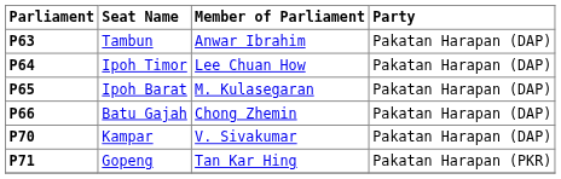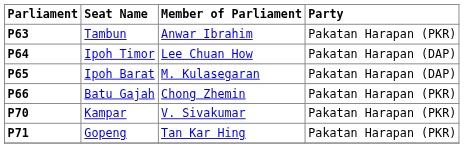 <table class="toccolours sortable" border="1" cellpadding="3" style="border-collapse:collapse; text-align: left;">
 <tr>
 <th align="center">Parliament</th>
 <th>Seat Name</th>
 <th>Member of Parliament</th>
 <th>Party</th>
 </tr>
 <tr>
 <th align="left">P63</th>
 <td><a href='#'>Tambun</a></td>
 <td><a href='#'>Anwar Ibrahim</a></td>
-<td>Pakatan Harapan (DAP)</td>
+<td>Pakatan Harapan (PKR)</td>
 </tr>
 <tr>
 <th align="left">P64</th>
 <td><a href='#'>Ipoh Timor</a></td>
 <td><a href='#'>Lee Chuan How</a></td>
 <td>Pakatan Harapan (DAP)</td>
 </tr>
 <tr>
 <th align="left">P65</th>
 <td><a href='#'>Ipoh Barat</a></td>
 <td><a href='#'>M. Kulasegaran</a></td>
 <td>Pakatan Harapan (DAP)</td>
 </tr>
 <tr>
 <th align="left">P66</th>
 <td><a href='#'>Batu Gajah</a></td>
 <td><a href='#'>Chong Zhemin</a></td>
-<td>Pakatan Harapan (DAP)</td>
+<td>Pakatan Harapan (PKR)</td>
 </tr>
 <tr>
 <th align="left">P70</th>
 <td><a href='#'>Kampar</a></td>
 <td><a href='#'>V. Sivakumar</a></td>
-<td>Pakatan Harapan (DAP)</td>
+<td>Pakatan Harapan (PKR)</td>
 </tr>
 <tr>
 <th align="left">P71</th>
 <td><a href='#'>Gopeng</a></td>
 <td><a href='#'>Tan Kar Hing</a></td>
 <td>Pakatan Harapan (PKR)</td>
 </tr>
 <tr>
 </tr>
 </table>
